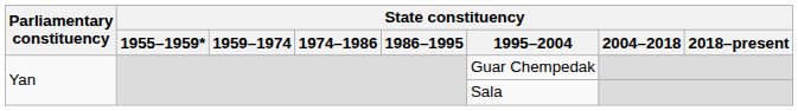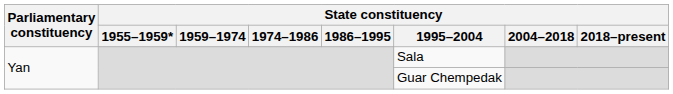 <table class="wikitable">
 <tr>
 <th rowspan="2">Parliamentary<br>constituency</th>
 <th colspan="7">State constituency</th>
 </tr>
 <tr>
 <th>1955–1959*</th>
 <th>1959–1974</th>
 <th>1974–1986</th>
 <th>1986–1995</th>
 <th>1995–2004</th>
 <th>2004–2018</th>
 <th>2018–present</th>
 </tr>
 <tr>
 <td rowspan="2">Yan</td>
 <td colspan="4" rowspan="2" bgcolor="dcdcdc"></td>
+<td>Sala</td>
+<td colspan="2" bgcolor="dcdcdc"></td>
+</tr>
+<tr>
 <td>Guar Chempedak</td>
 <td colspan="2" bgcolor="dcdcdc"></td>
 </tr>
-<tr>
-<td>Sala</td>
-<td colspan="2" bgcolor="dcdcdc"></td>
-</tr>
 </table>
